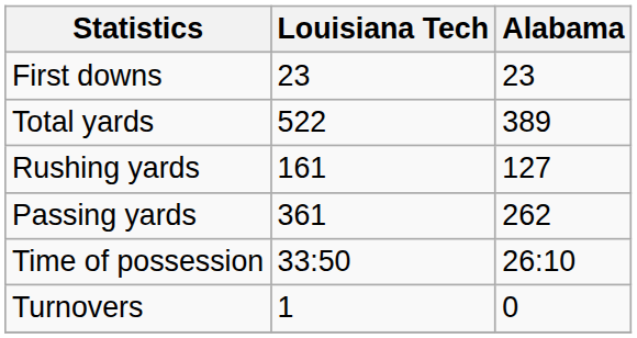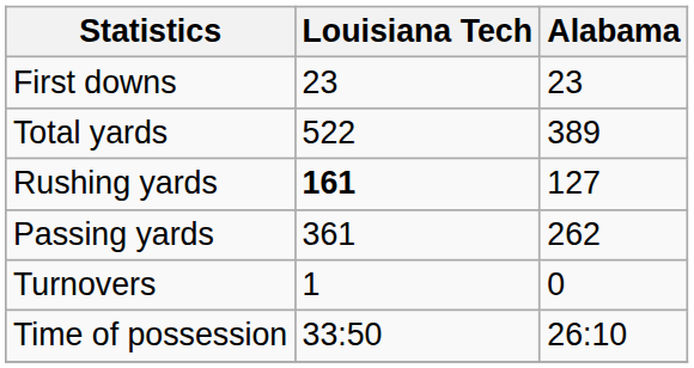 <table class="wikitable" style="float: left;">
 <tr>
 <th>Statistics</th>
 <th style=>Louisiana Tech</th>
 <th>Alabama</th>
 </tr>
 <tr>
 <td>First downs</td>
 <td>23</td>
 <td>23</td>
 </tr>
 <tr>
 <td>Total yards</td>
 <td>522</td>
 <td>389</td>
 </tr>
 <tr>
 <td>Rushing yards</td>
-<td>161</td>
+<td><strong>161</strong></td>
 <td>127</td>
 </tr>
 <tr>
 <td>Passing yards</td>
 <td>361</td>
 <td>262</td>
 </tr>
 <tr>
+<td>Turnovers</td>
+<td>1</td>
+<td>0</td>
+</tr>
+<tr>
 <td>Time of possession</td>
 <td>33:50</td>
 <td>26:10</td>
 </tr>
 <tr>
-<td>Turnovers</td>
-<td>1</td>
-<td>0</td>
-</tr>
-<tr>
 </tr>
 </table>
